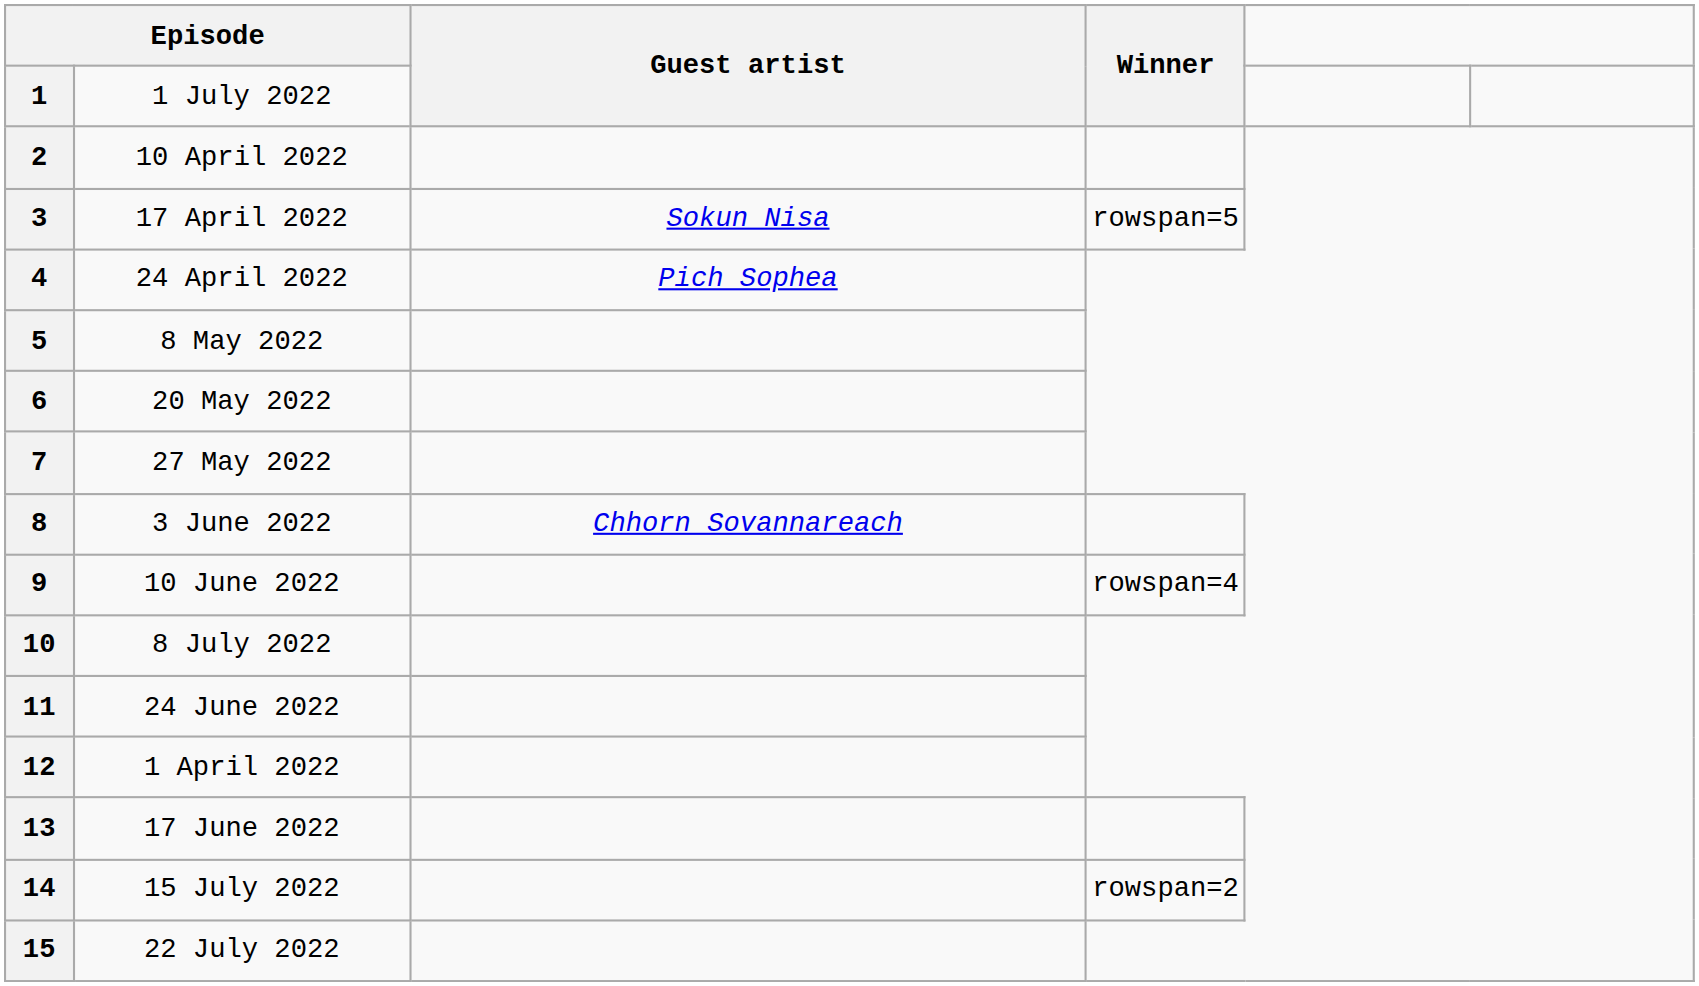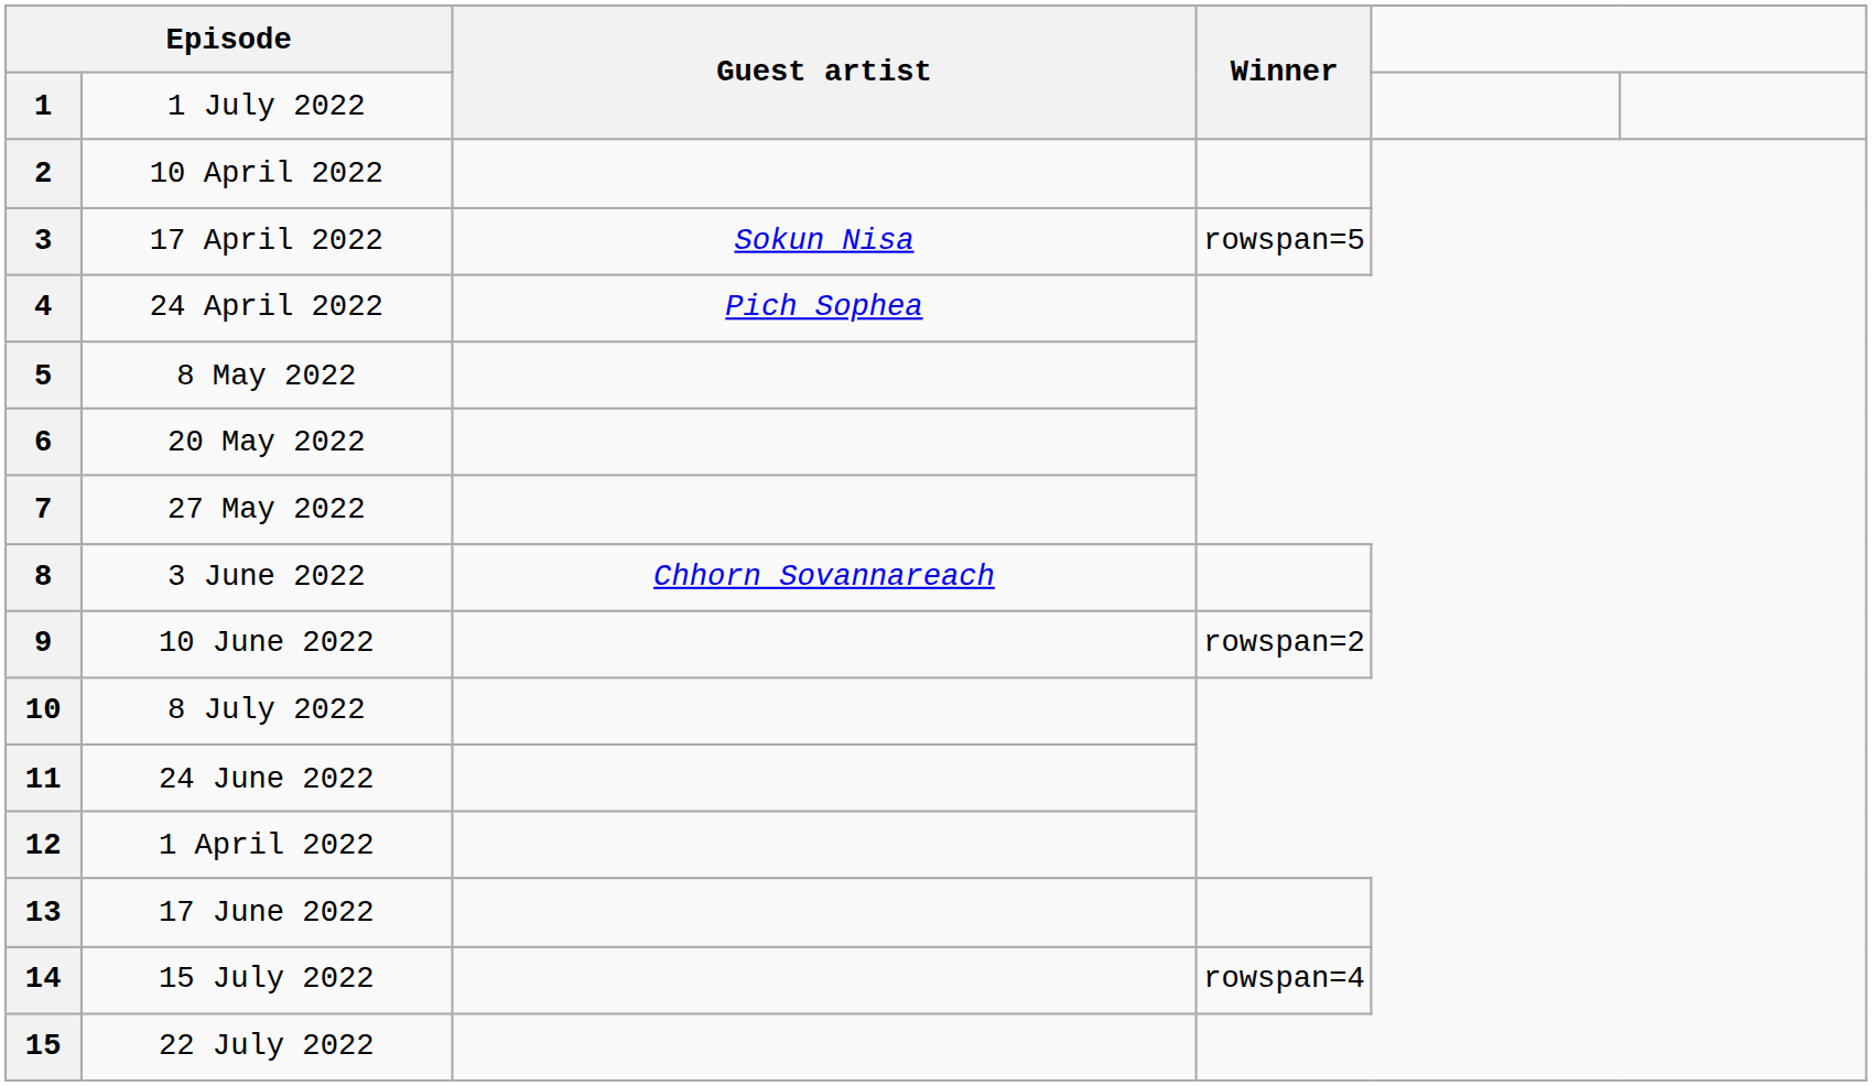 <table class="wikitable plainrowheaders mw-collapsible" style="text-align:center; line-height:23px; width:64%;">
 <tr>
 <th colspan="2" width="24%">Episode</th>
 <th rowspan="2" width="40%">Guest artist</th>
 <th rowspan="2" width="1%">Winner</th>
 </tr>
 <tr>
 <th>1</th>
 <td>1 July 2022</td>
 <td></td>
 <td></td>
 </tr>
 <tr>
 <th>2</th>
 <td>10 April 2022</td>
 <td></td>
 <td></td>
 </tr>
 <tr>
 <th>3</th>
 <td>17 April 2022</td>
 <td><em><a href='#'>Sokun Nisa</a></em></td>
 <td>rowspan=5 </td>
 </tr>
 <tr>
 <th>4</th>
 <td>24 April 2022</td>
 <td><em><a href='#'>Pich Sophea</a></em></td>
 </tr>
 <tr>
 <th>5</th>
 <td>8 May 2022</td>
 <td></td>
 </tr>
 <tr>
 <th>6</th>
 <td>20 May 2022</td>
 <td><em></em></td>
 </tr>
 <tr>
 <th>7</th>
 <td>27 May 2022</td>
 <td><em></em></td>
 </tr>
 <tr>
 <th>8</th>
 <td>3 June 2022</td>
 <td><em><a href='#'>Chhorn Sovannareach</a></em></td>
 <td></td>
 </tr>
 <tr>
 <th>9</th>
 <td>10 June 2022</td>
 <td></td>
-<td>rowspan=4 </td>
+<td>rowspan=2 </td>
 </tr>
 <tr>
 <th>10</th>
 <td>8 July 2022</td>
 <td><em></em></td>
 </tr>
 <tr>
 <th>11</th>
 <td>24 June 2022</td>
 <td><em></em></td>
 </tr>
 <tr>
 <th>12</th>
 <td>1 April 2022</td>
 <td><em></em></td>
 </tr>
 <tr>
 <th>13</th>
 <td>17 June 2022</td>
 <td></td>
 <td></td>
 </tr>
 <tr>
 <th>14</th>
 <td>15 July 2022</td>
 <td></td>
-<td>rowspan=2 </td>
+<td>rowspan=4 </td>
 </tr>
 <tr>
 <th>15</th>
 <td>22 July 2022</td>
 <td></td>
 </tr>
 </table>
